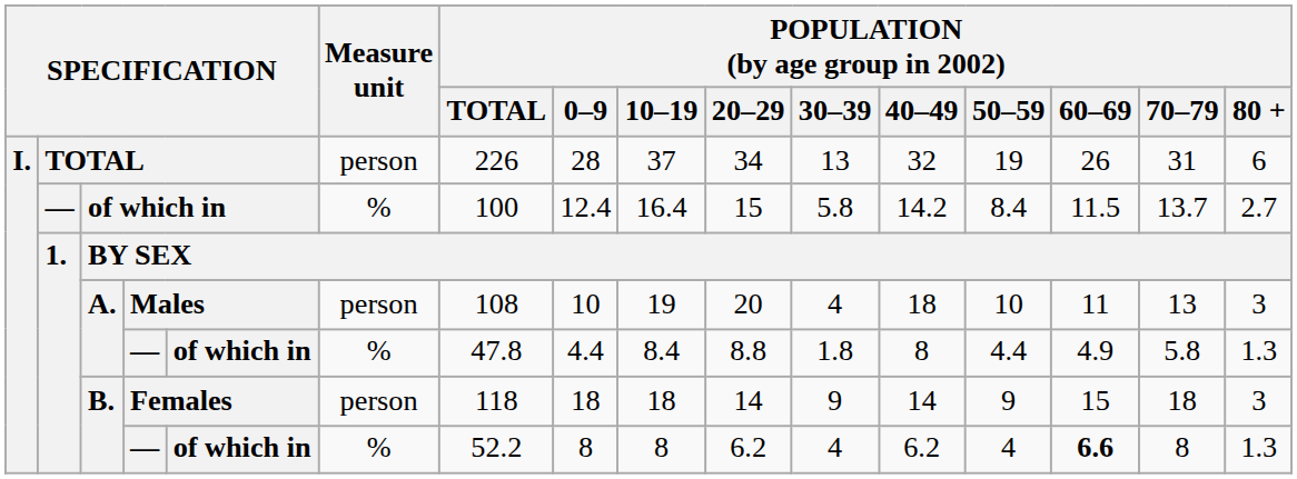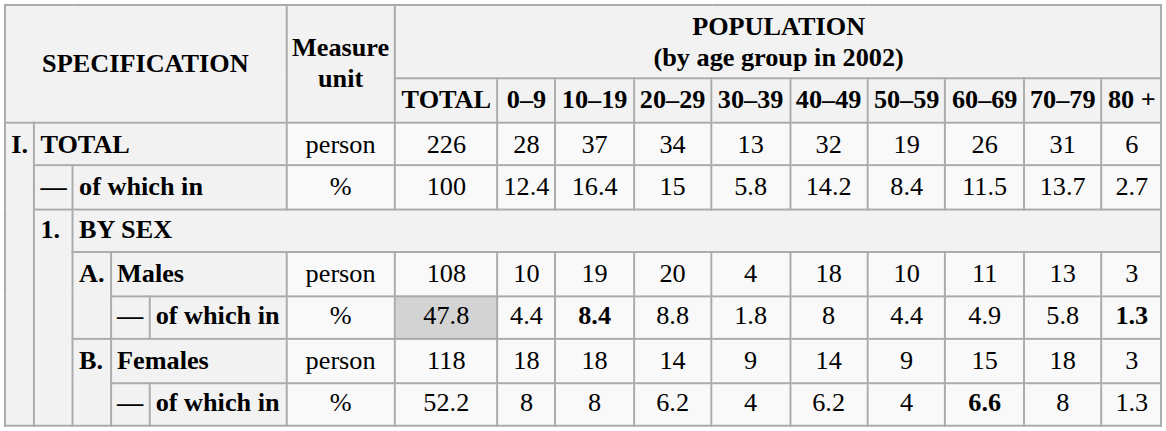 <table class="wikitable" style="font-size:85%; text-align:center">
 <tr>
 <th rowspan="2" colspan="5">SPECIFICATION</th>
 <th rowspan="2">Measure<br> unit</th>
 <th colspan="10" rowspan="1">POPULATION<br> (by age group in 2002)</th>
 </tr>
 <tr>
 <th>TOTAL</th>
 <th>0–9</th>
 <th>10–19</th>
 <th>20–29</th>
 <th>30–39</th>
 <th>40–49</th>
 <th>50–59</th>
 <th>60–69</th>
 <th>70–79</th>
 <th>80 +</th>
 </tr>
 <tr>
 <th style="text-align:left" valign="top" rowspan="7">I.</th>
 <th style="text-align:left" colspan="4">TOTAL</th>
 <td>person</td>
 <td>226</td>
 <td>28</td>
 <td>37</td>
 <td>34</td>
 <td>13</td>
 <td>32</td>
 <td>19</td>
 <td>26</td>
 <td>31</td>
 <td>6</td>
 </tr>
 <tr>
 <th style="text-align:left" valign="top">—</th>
 <th style="text-align:left" colspan="3">of which in</th>
 <td>%</td>
 <td>100</td>
 <td>12.4</td>
 <td>16.4</td>
 <td>15</td>
 <td>5.8</td>
 <td>14.2</td>
 <td>8.4</td>
 <td>11.5</td>
 <td>13.7</td>
 <td>2.7</td>
 </tr>
 <tr>
 <th style="text-align:left" valign="top" rowspan="5">1.</th>
 <th style="text-align:left" colspan="14">BY SEX</th>
 </tr>
 <tr>
 <th style="text-align:left" valign="top" rowspan="2">A.</th>
 <th style="text-align:left" colspan="2">Males</th>
 <td>person</td>
 <td>108</td>
 <td>10</td>
 <td>19</td>
 <td>20</td>
 <td>4</td>
 <td>18</td>
 <td>10</td>
 <td>11</td>
 <td>13</td>
 <td>3</td>
 </tr>
 <tr>
 <th style="text-align:left" valign="top">—</th>
 <th style="text-align:left" colspan="1">of which in</th>
 <td>%</td>
-<td>47.8</td>
+<td style="background: lightgrey;">47.8</td>
 <td>4.4</td>
-<td>8.4</td>
+<td><strong>8.4</strong></td>
 <td>8.8</td>
 <td>1.8</td>
 <td>8</td>
 <td>4.4</td>
 <td>4.9</td>
 <td>5.8</td>
-<td>1.3</td>
+<td><strong>1.3</strong></td>
 </tr>
 <tr>
 <th style="text-align:left" valign="top" rowspan="2">B.</th>
 <th style="text-align:left" colspan="2">Females</th>
 <td>person</td>
 <td>118</td>
 <td>18</td>
 <td>18</td>
 <td>14</td>
 <td>9</td>
 <td>14</td>
 <td>9</td>
 <td>15</td>
 <td>18</td>
 <td>3</td>
 </tr>
 <tr>
 <th style="text-align:left" valign="top">—</th>
 <th style="text-align:left" colspan="1">of which in</th>
 <td>%</td>
 <td>52.2</td>
 <td>8</td>
 <td>8</td>
 <td>6.2</td>
 <td>4</td>
 <td>6.2</td>
 <td>4</td>
 <td><strong>6.6</strong></td>
 <td>8</td>
 <td>1.3</td>
 </tr>
 </table>
